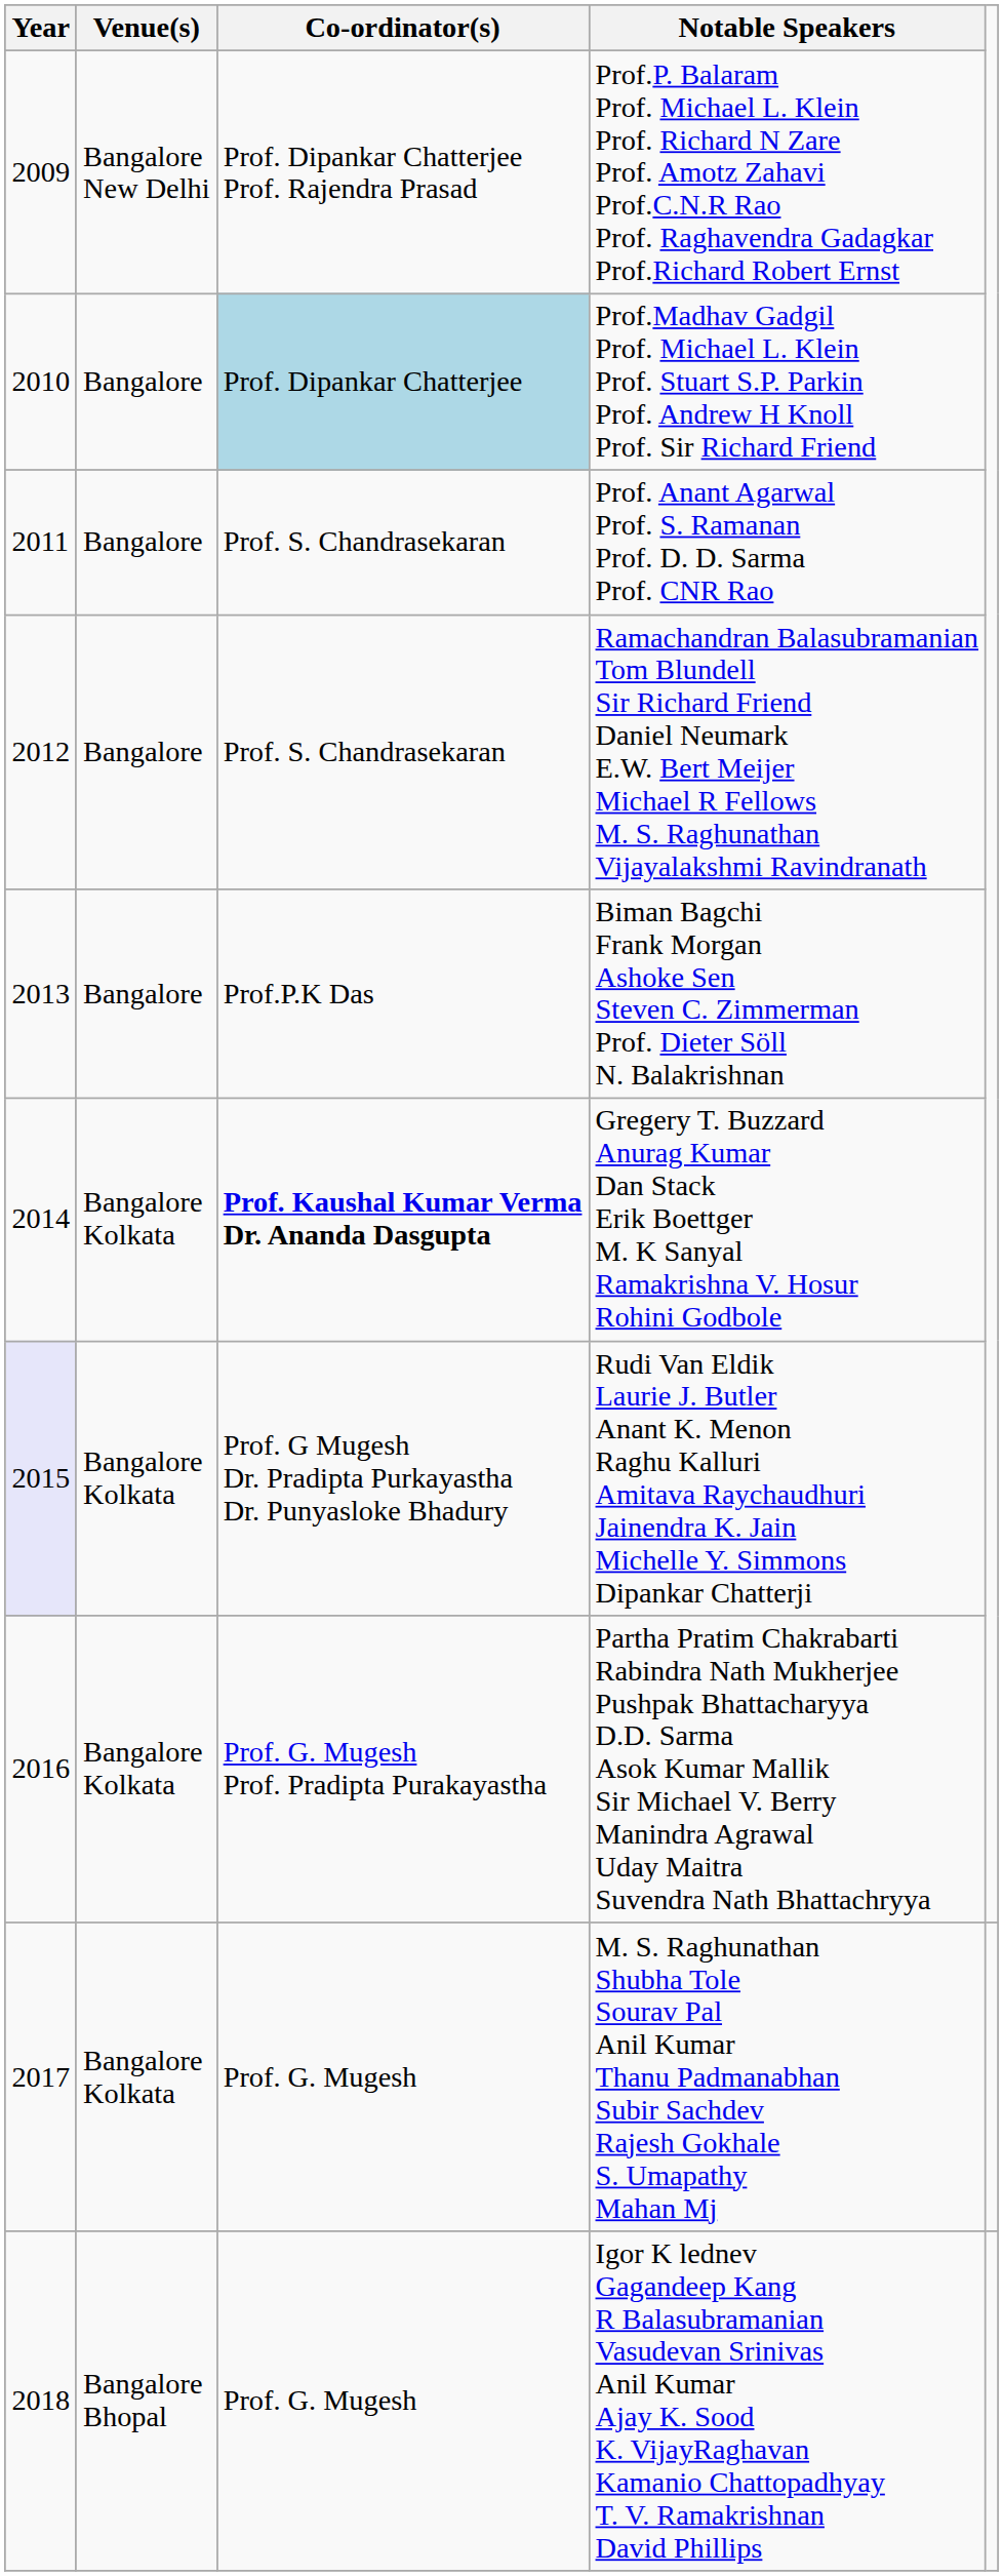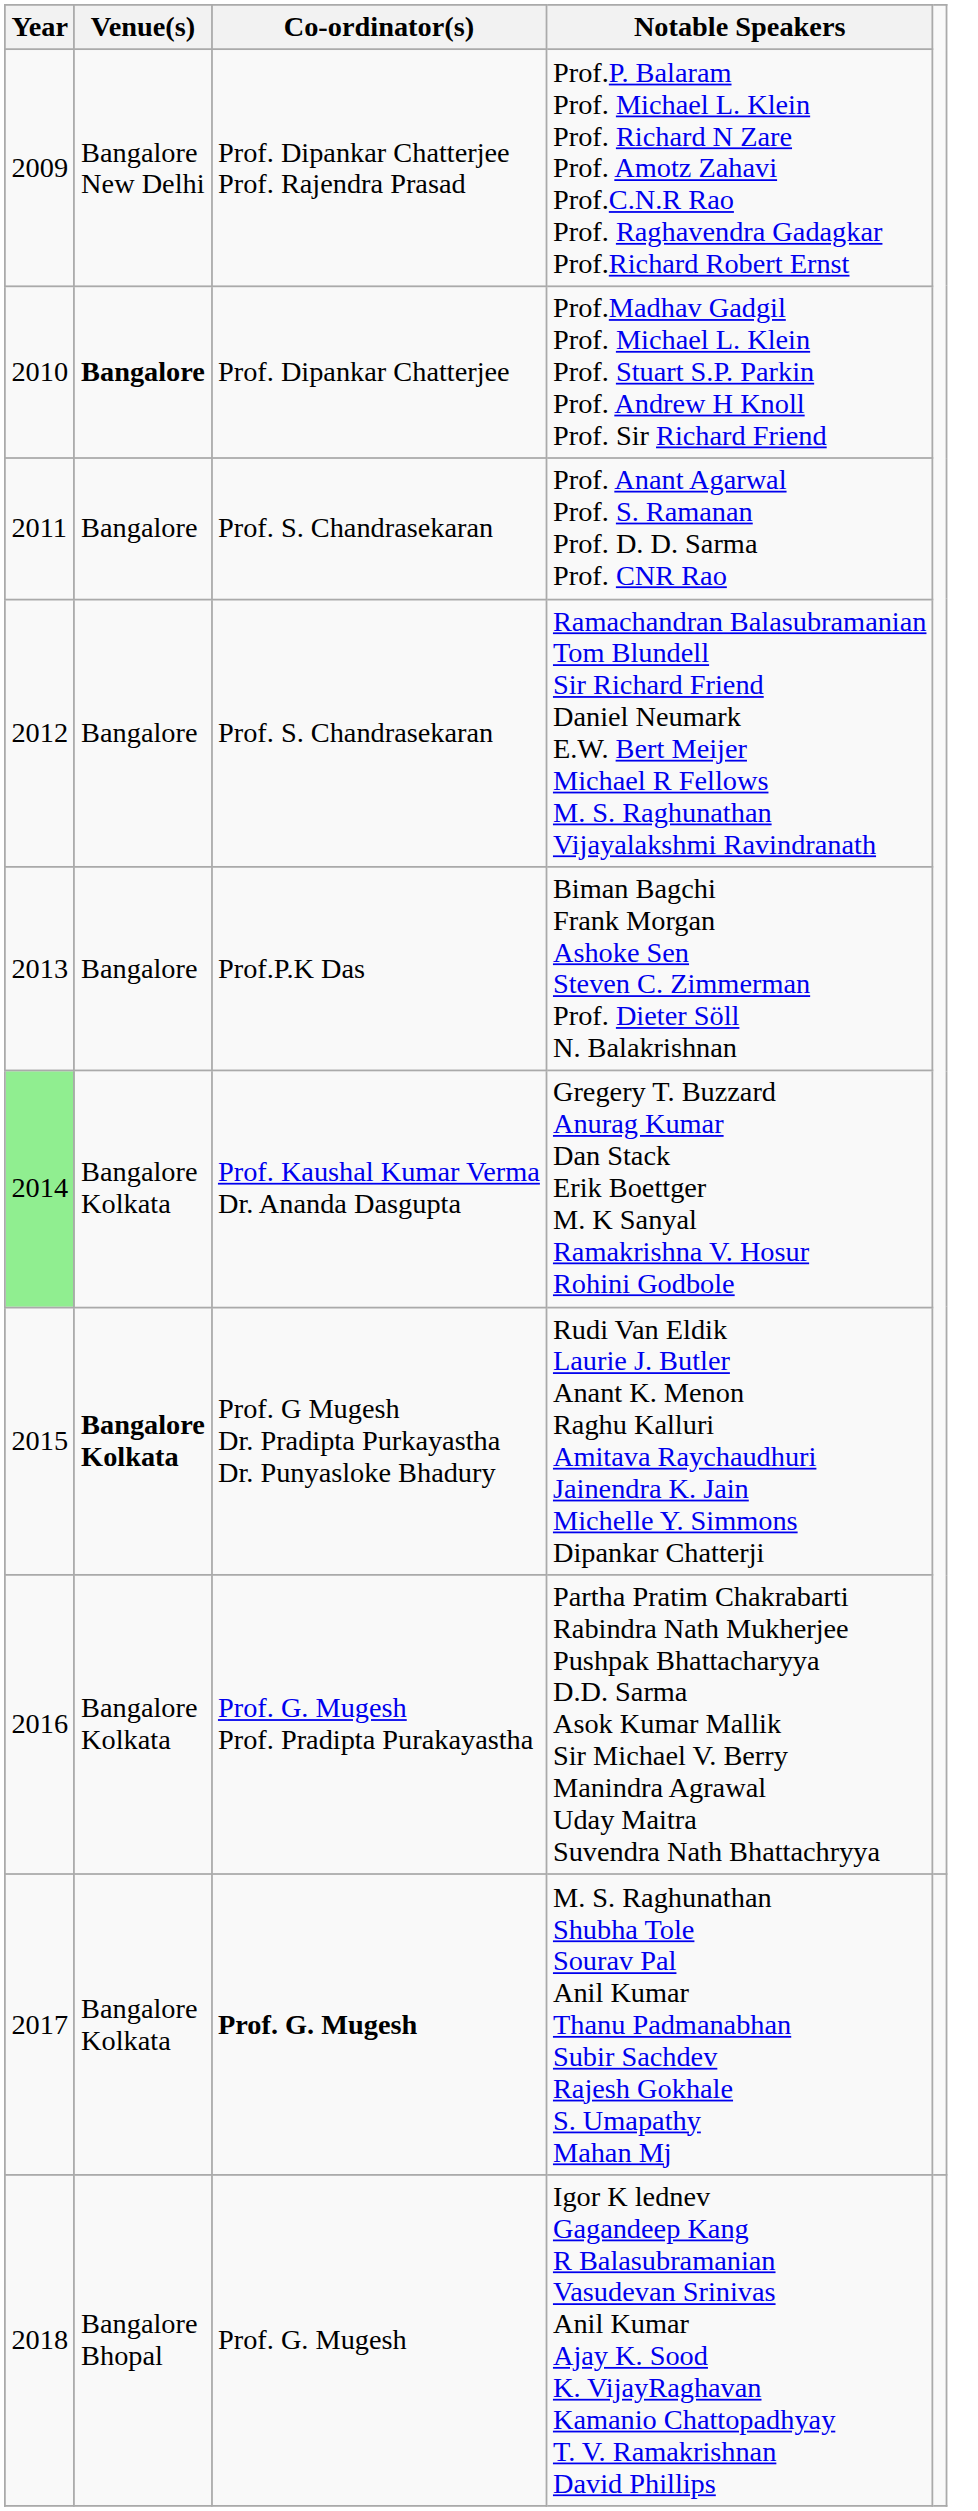 <table class="wikitable">
 <tr>
 <th>Year</th>
 <th>Venue(s)</th>
 <th>Co-ordinator(s)</th>
 <th>Notable Speakers</th>
 </tr>
 <tr>
 <td>2009</td>
 <td>Bangalore<br> New Delhi</td>
 <td>Prof. Dipankar Chatterjee<br> Prof. Rajendra Prasad</td>
 <td>Prof.<a href='#'>P. Balaram</a><br>Prof. <a href='#'>Michael L. Klein</a><br>Prof. <a href='#'>Richard N Zare</a><br>Prof. <a href='#'>Amotz Zahavi</a><br>Prof.<a href='#'>C.N.R Rao</a><br>Prof. <a href='#'>Raghavendra Gadagkar</a><br>Prof.<a href='#'>Richard Robert Ernst</a></td>
 </tr>
 <tr>
 <td>2010</td>
-<td>Bangalore</td>
-<td style="background: lightblue;">Prof. Dipankar Chatterjee</td>
+<td><strong>Bangalore</strong></td>
+<td>Prof. Dipankar Chatterjee</td>
 <td>Prof.<a href='#'>Madhav Gadgil</a><br>Prof. <a href='#'>Michael L. Klein</a><br>Prof. <a href='#'>Stuart S.P. Parkin</a><br>Prof. <a href='#'>Andrew H Knoll</a><br>Prof. Sir <a href='#'>Richard Friend</a></td>
 </tr>
 <tr>
 <td>2011</td>
 <td>Bangalore</td>
 <td>Prof. S. Chandrasekaran</td>
 <td>Prof. <a href='#'>Anant Agarwal</a><br>Prof. <a href='#'>S. Ramanan</a><br>Prof. D. D. Sarma<br>Prof. <a href='#'>CNR Rao</a></td>
 </tr>
 <tr>
 <td>2012</td>
 <td>Bangalore</td>
 <td>Prof. S. Chandrasekaran</td>
 <td><a href='#'>Ramachandran Balasubramanian</a><br><a href='#'>Tom Blundell</a><br><a href='#'>Sir Richard Friend</a><br>Daniel Neumark<br>E.W. <a href='#'>Bert Meijer</a><br><a href='#'>Michael R Fellows</a><br><a href='#'>M. S. Raghunathan</a><br><a href='#'>Vijayalakshmi Ravindranath</a></td>
 </tr>
 <tr>
 <td>2013</td>
 <td>Bangalore</td>
 <td>Prof.P.K Das</td>
 <td>Biman Bagchi<br>Frank Morgan<br><a href='#'>Ashoke Sen</a><br><a href='#'>Steven C. Zimmerman</a><br>Prof. <a href='#'>Dieter Söll</a><br>N. Balakrishnan</td>
 </tr>
 <tr>
-<td>2014</td>
+<td style="background: lightgreen;">2014</td>
 <td>Bangalore<br>Kolkata</td>
-<td><strong><a href='#'>Prof. Kaushal Kumar Verma</a><br>Dr. Ananda Dasgupta</strong></td>
+<td><a href='#'>Prof. Kaushal Kumar Verma</a><br>Dr. Ananda Dasgupta</td>
 <td>Gregery T. Buzzard<br><a href='#'>Anurag Kumar</a><br>Dan Stack<br>Erik Boettger<br>M. K Sanyal<br><a href='#'>Ramakrishna V. Hosur</a><br><a href='#'>Rohini Godbole</a></td>
 </tr>
 <tr>
-<td style="background: lavender;">2015</td>
-<td>Bangalore<br>Kolkata</td>
+<td>2015</td>
+<td><strong>Bangalore<br>Kolkata</strong></td>
 <td>Prof. G Mugesh<br>Dr. Pradipta Purkayastha<br>Dr. Punyasloke Bhadury</td>
 <td>Rudi Van Eldik<br><a href='#'>Laurie J. Butler</a><br>Anant K. Menon<br>Raghu Kalluri<br><a href='#'>Amitava Raychaudhuri</a><br><a href='#'>Jainendra K. Jain</a><br><a href='#'>Michelle Y. Simmons</a><br>Dipankar Chatterji</td>
 </tr>
 <tr>
 <td>2016</td>
 <td>Bangalore<br>Kolkata</td>
 <td><a href='#'>Prof. G. Mugesh</a><br>Prof. Pradipta Purakayastha</td>
 <td>Partha Pratim Chakrabarti<br>Rabindra Nath Mukherjee<br>Pushpak Bhattacharyya<br>D.D. Sarma<br>Asok Kumar Mallik<br>Sir Michael V. Berry<br>Manindra Agrawal<br>Uday Maitra<br>Suvendra Nath Bhattachryya</td>
 </tr>
 <tr>
 <td>2017</td>
 <td>Bangalore<br>Kolkata</td>
-<td>Prof. G. Mugesh</td>
+<td><strong>Prof. G. Mugesh</strong></td>
 <td>M. S. Raghunathan<br><a href='#'>Shubha Tole</a><br><a href='#'>Sourav Pal</a><br>Anil Kumar<br><a href='#'>Thanu Padmanabhan</a><br><a href='#'>Subir Sachdev</a><br><a href='#'>Rajesh Gokhale</a><br><a href='#'>S. Umapathy</a><br><a href='#'>Mahan Mj</a></td>
 <td></td>
 </tr>
 <tr>
 <td>2018</td>
 <td>Bangalore<br>Bhopal</td>
 <td>Prof. G. Mugesh<br></td>
 <td>Igor K lednev<br><a href='#'>Gagandeep Kang</a><br><a href='#'>R Balasubramanian</a><br><a href='#'>Vasudevan Srinivas</a><br>Anil Kumar<br><a href='#'>Ajay K. Sood</a><br><a href='#'>K. VijayRaghavan</a><br><a href='#'>Kamanio Chattopadhyay</a><br><a href='#'>T. V. Ramakrishnan</a><br><a href='#'>David Phillips</a></td>
 </tr>
 </table>
